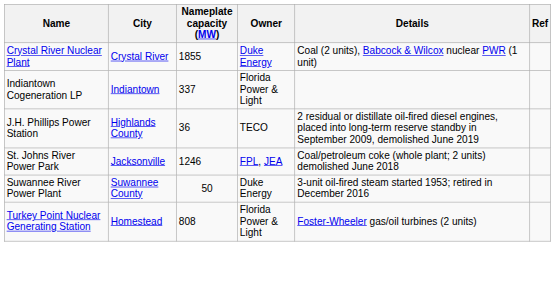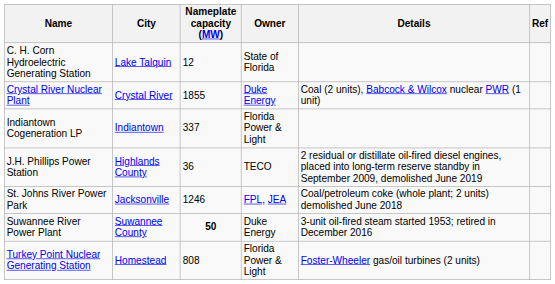 <table class="wikitable sortable mw-collapsible">
 <tr>
 <th>Name</th>
 <th>City</th>
 <th>Nameplate<br>capacity (<a href='#'>MW</a>)</th>
 <th>Owner</th>
 <th>Details</th>
 <th>Ref</th>
+</tr>
+<tr>
+<td>C. H. Corn Hydroelectric Generating Station</td>
+<td><a href='#'>Lake Talquin</a></td>
+<td>12</td>
+<td>State of Florida</td>
+<td></td>
+<td></td>
 </tr>
 <tr>
 <td><a href='#'>Crystal River Nuclear Plant</a></td>
 <td><a href='#'>Crystal River</a></td>
 <td>1855</td>
 <td><a href='#'>Duke Energy</a></td>
 <td>Coal (2 units), <a href='#'>Babcock & Wilcox</a> nuclear <a href='#'>PWR</a> (1 unit)</td>
 <td></td>
 </tr>
 <tr>
 <td>Indiantown Cogeneration LP</td>
 <td><a href='#'>Indiantown</a></td>
 <td>337</td>
 <td>Florida Power & Light</td>
 <td></td>
 <td></td>
 </tr>
 <tr>
 <td>J.H. Phillips Power Station</td>
 <td><a href='#'>Highlands County</a></td>
 <td>36</td>
 <td>TECO</td>
 <td>2 residual or distillate oil-fired diesel engines, placed into long-term reserve standby in September 2009, demolished June 2019</td>
 <td></td>
 </tr>
 <tr>
 <td>St. Johns River Power Park</td>
 <td><a href='#'>Jacksonville</a></td>
 <td>1246</td>
 <td><a href='#'>FPL</a>, <a href='#'>JEA</a></td>
 <td>Coal/petroleum coke (whole plant; 2 units) demolished June 2018</td>
 <td></td>
 </tr>
 <tr>
 <td>Suwannee River Power Plant</td>
 <td><a href='#'>Suwannee County</a></td>
-<td align=center>50</td>
+<td align=center><strong>50</strong></td>
 <td>Duke Energy</td>
 <td>3-unit oil-fired steam started 1953; retired in December 2016</td>
 <td></td>
 </tr>
 <tr>
 <td><a href='#'>Turkey Point Nuclear Generating Station</a></td>
 <td><a href='#'>Homestead</a></td>
 <td>808</td>
 <td>Florida Power & Light</td>
 <td><a href='#'>Foster-Wheeler</a> gas/oil turbines (2 units)</td>
 <td></td>
 </tr>
 </table>
